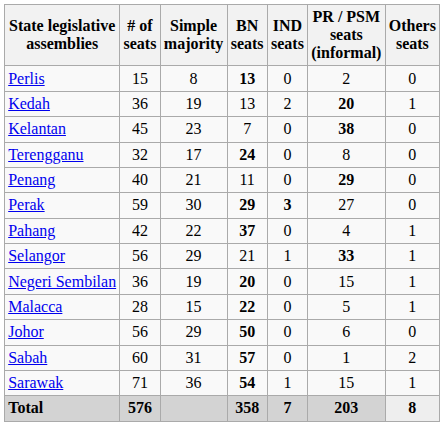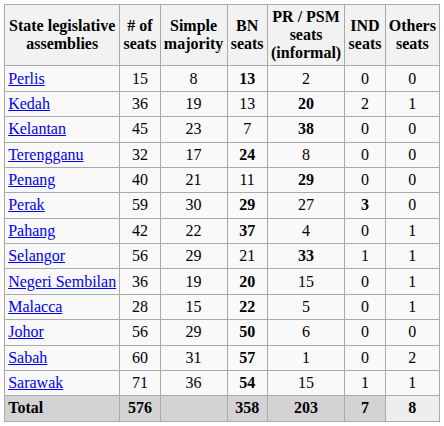 <table class="wikitable sortable" style="text-align:center">
 <tr>
 <th>State legislative<br>assemblies</th>
 <th># of<br>seats</th>
 <th>Simple<br>majority</th>
 <th>BN<br>seats</th>
+<th>PR / PSM<br>seats<br>(informal)</th>
 <th>IND<br>seats</th>
-<th>PR / PSM<br>seats<br>(informal)</th>
 <th>Others<br>seats</th>
 </tr>
 <tr>
 <td style="text-align:left"> <a href='#'>Perlis</a></td>
 <td>15</td>
 <td>8</td>
 <td><strong>13</strong></td>
+<td>2</td>
 <td>0</td>
-<td>2</td>
 <td>0</td>
 </tr>
 <tr>
 <td style="text-align:left"> <a href='#'>Kedah</a></td>
 <td>36</td>
 <td>19</td>
 <td>13</td>
+<td><strong>20</strong></td>
 <td>2</td>
-<td><strong>20</strong></td>
 <td>1 <small></small></td>
 </tr>
 <tr>
 <td style="text-align:left"> <a href='#'>Kelantan</a></td>
 <td>45</td>
 <td>23</td>
 <td>7</td>
+<td><strong>38</strong></td>
 <td>0</td>
-<td><strong>38</strong></td>
 <td>0</td>
 </tr>
 <tr>
 <td style="text-align:left"> <a href='#'>Terengganu</a></td>
 <td>32</td>
 <td>17</td>
 <td><strong>24</strong></td>
+<td>8</td>
 <td>0</td>
-<td>8</td>
 <td>0</td>
 </tr>
 <tr>
 <td style="text-align:left"> <a href='#'>Penang</a></td>
 <td>40</td>
 <td>21</td>
 <td>11</td>
+<td><strong>29</strong></td>
 <td>0</td>
-<td><strong>29</strong></td>
 <td>0</td>
 </tr>
 <tr>
 <td style="text-align:left"> <a href='#'>Perak</a></td>
 <td>59</td>
 <td>30</td>
 <td><strong>29</strong></td>
+<td>27</td>
 <td><strong>3</strong></td>
-<td>27</td>
 <td>0</td>
 </tr>
 <tr>
 <td style="text-align:left"> <a href='#'>Pahang</a></td>
 <td>42</td>
 <td>22</td>
 <td><strong>37</strong></td>
+<td>4</td>
 <td>0</td>
-<td>4</td>
 <td>1 <small></small></td>
 </tr>
 <tr>
 <td style="text-align:left"> <a href='#'>Selangor</a></td>
 <td>56</td>
 <td>29</td>
 <td>21</td>
+<td><strong>33</strong></td>
 <td>1</td>
-<td><strong>33</strong></td>
 <td>1 <small></small></td>
 </tr>
 <tr>
 <td style="text-align:left"> <a href='#'>Negeri Sembilan</a></td>
 <td>36</td>
 <td>19</td>
 <td><strong>20</strong></td>
+<td>15</td>
 <td>0</td>
-<td>15</td>
 <td>1 <small></small></td>
 </tr>
 <tr>
 <td style="text-align:left"> <a href='#'>Malacca</a></td>
 <td>28</td>
 <td>15</td>
 <td><strong>22</strong></td>
+<td>5</td>
 <td>0</td>
-<td>5</td>
 <td>1 <small></small></td>
 </tr>
 <tr>
 <td style="text-align:left"> <a href='#'>Johor</a></td>
 <td>56</td>
 <td>29</td>
 <td><strong>50</strong></td>
+<td>6</td>
 <td>0</td>
-<td>6</td>
 <td>0</td>
 </tr>
 <tr>
 <td style="text-align:left"> <a href='#'>Sabah</a></td>
 <td>60</td>
 <td>31</td>
 <td><strong>57</strong></td>
+<td>1</td>
 <td>0</td>
-<td>1</td>
 <td>2 <small></small></td>
 </tr>
 <tr>
 <td style="text-align:left"> <a href='#'>Sarawak</a></td>
 <td>71</td>
 <td>36</td>
 <td><strong>54</strong></td>
+<td>15</td>
 <td>1</td>
-<td>15</td>
 <td>1 <small></small></td>
 </tr>
 <tr class="sortbottom" bgcolor="lightgrey">
 <td style="text-align:left"><strong>Total</strong></td>
 <td><strong>576</strong></td>
 <td></td>
 <td><span><strong>358</strong></span></td>
+<td><span><strong>203</strong></span></td>
 <td><span><strong>7</strong></span></td>
-<td><span><strong>203</strong></span></td>
 <td style="background-color:#EEEEEE;"><span><strong>8</strong></span></td>
 </tr>
 </table>
